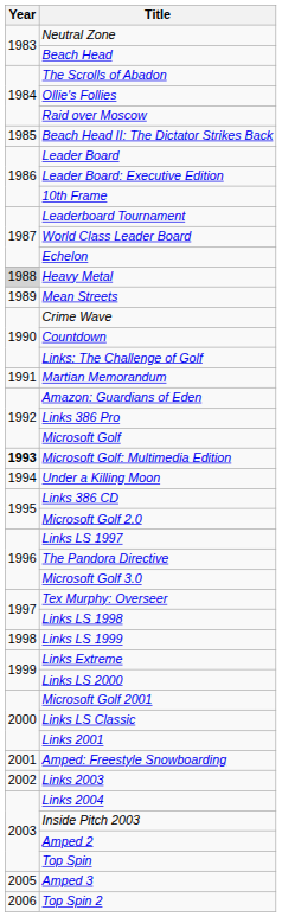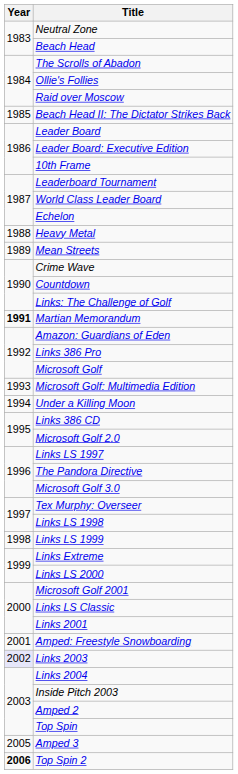 <table class="wikitable sortable">
 <tr>
 <th>Year</th>
 <th>Title</th>
 </tr>
 <tr>
 <td rowspan="2">1983</td>
 <td><em>Neutral Zone</em></td>
 </tr>
 <tr>
 <td><em><a href='#'>Beach Head</a></em></td>
 </tr>
 <tr>
 <td rowspan="3">1984</td>
 <td><em><a href='#'>The Scrolls of Abadon</a></em></td>
 </tr>
 <tr>
 <td><em><a href='#'>Ollie's Follies</a></em></td>
 </tr>
 <tr>
 <td><em><a href='#'>Raid over Moscow</a></em></td>
 </tr>
 <tr>
 <td>1985</td>
 <td><em><a href='#'>Beach Head II: The Dictator Strikes Back</a></em></td>
 </tr>
 <tr>
 <td rowspan="3">1986</td>
 <td><em><a href='#'>Leader Board</a></em></td>
 </tr>
 <tr>
 <td><em><a href='#'>Leader Board: Executive Edition</a></em></td>
 </tr>
 <tr>
 <td><em><a href='#'>10th Frame</a></em></td>
 </tr>
 <tr>
 <td rowspan="3">1987</td>
 <td><em><a href='#'>Leaderboard Tournament</a></em></td>
 </tr>
 <tr>
 <td><em><a href='#'>World Class Leader Board</a></em></td>
 </tr>
 <tr>
 <td><em><a href='#'>Echelon</a></em></td>
 </tr>
 <tr>
-<td style="background: lightgrey;">1988</td>
+<td>1988</td>
 <td><em><a href='#'>Heavy Metal</a></em></td>
 </tr>
 <tr>
 <td>1989</td>
 <td><em><a href='#'>Mean Streets</a></em></td>
 </tr>
 <tr>
 <td rowspan="3">1990</td>
 <td><em>Crime Wave</em></td>
 </tr>
 <tr>
 <td><em><a href='#'>Countdown</a></em></td>
 </tr>
 <tr>
 <td><em><a href='#'>Links: The Challenge of Golf</a></em></td>
 </tr>
 <tr>
-<td>1991</td>
+<td><strong>1991</strong></td>
 <td><em><a href='#'>Martian Memorandum</a></em></td>
 </tr>
 <tr>
 <td rowspan="3">1992</td>
 <td><em><a href='#'>Amazon: Guardians of Eden</a></em></td>
 </tr>
 <tr>
 <td><em><a href='#'>Links 386 Pro</a></em></td>
 </tr>
 <tr>
 <td><em><a href='#'>Microsoft Golf</a></em></td>
 </tr>
 <tr>
-<td><strong>1993</strong></td>
+<td>1993</td>
 <td><em><a href='#'>Microsoft Golf: Multimedia Edition</a></em></td>
 </tr>
 <tr>
 <td>1994</td>
 <td><em><a href='#'>Under a Killing Moon</a></em></td>
 </tr>
 <tr>
 <td rowspan="2">1995</td>
 <td><em><a href='#'>Links 386 CD</a></em></td>
 </tr>
 <tr>
 <td><em><a href='#'>Microsoft Golf 2.0</a></em></td>
 </tr>
 <tr>
 <td rowspan="3">1996</td>
 <td><em><a href='#'>Links LS 1997</a></em></td>
 </tr>
 <tr>
 <td><em><a href='#'>The Pandora Directive</a></em></td>
 </tr>
 <tr>
 <td><em><a href='#'>Microsoft Golf 3.0</a></em></td>
 </tr>
 <tr>
 <td rowspan="2">1997</td>
 <td><em><a href='#'>Tex Murphy: Overseer</a></em></td>
 </tr>
 <tr>
 <td><em><a href='#'>Links LS 1998</a></em></td>
 </tr>
 <tr>
 <td>1998</td>
 <td><em><a href='#'>Links LS 1999</a></em></td>
 </tr>
 <tr>
 <td rowspan="2">1999</td>
 <td><em><a href='#'>Links Extreme</a></em></td>
 </tr>
 <tr>
 <td><em><a href='#'>Links LS 2000</a></em></td>
 </tr>
 <tr>
 <td rowspan="3">2000</td>
 <td><em><a href='#'>Microsoft Golf 2001</a></em></td>
 </tr>
 <tr>
 <td><em><a href='#'>Links LS Classic</a></em></td>
 </tr>
 <tr>
 <td><em><a href='#'>Links 2001</a></em></td>
 </tr>
 <tr>
 <td rowspan="1">2001</td>
 <td><em><a href='#'>Amped: Freestyle Snowboarding</a></em></td>
 </tr>
 <tr>
-<td rowspan="1">2002</td>
+<td rowspan="1" style="background: lavender;">2002</td>
 <td><em><a href='#'>Links 2003</a></em></td>
 </tr>
 <tr>
 <td rowspan="4">2003</td>
 <td><em><a href='#'>Links 2004</a></em></td>
 </tr>
 <tr>
 <td><em>Inside Pitch 2003</em></td>
 </tr>
 <tr>
 <td><em><a href='#'>Amped 2</a></em></td>
 </tr>
 <tr>
 <td><em><a href='#'>Top Spin</a></em></td>
 </tr>
 <tr>
 <td>2005</td>
 <td><em><a href='#'>Amped 3</a></em></td>
 </tr>
 <tr>
-<td>2006</td>
+<td><strong>2006</strong></td>
 <td><em><a href='#'>Top Spin 2</a></em></td>
 </tr>
 </table>
